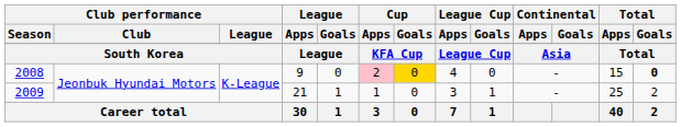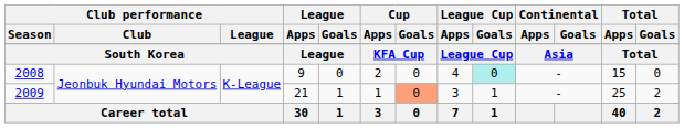 <table class="wikitable" style="text-align:center">
 <tr>
 <th colspan=3>Club performance</th>
 <th colspan=2>League</th>
 <th colspan=2>Cup</th>
 <th colspan=2>League Cup</th>
 <th colspan=2>Continental</th>
 <th colspan=2>Total</th>
 </tr>
 <tr>
 <th>Season</th>
 <th>Club</th>
 <th>League</th>
 <th>Apps</th>
 <th>Goals</th>
 <th>Apps</th>
 <th>Goals</th>
 <th>Apps</th>
 <th>Goals</th>
 <th>Apps</th>
 <th>Goals</th>
 <th>Apps</th>
 <th>Goals</th>
 </tr>
 <tr>
 </tr>
 <tr>
 <th colspan=3>South Korea</th>
 <th colspan=2>League</th>
 <th colspan=2><a href='#'>KFA Cup</a></th>
 <th colspan=2><a href='#'>League Cup</a></th>
 <th colspan=2><a href='#'>Asia</a></th>
 <th colspan=2>Total</th>
 </tr>
 <tr>
 <td><a href='#'>2008</a></td>
 <td rowspan=2><a href='#'>Jeonbuk Hyundai Motors</a></td>
 <td rowspan=2><a href='#'>K-League</a></td>
 <td>9</td>
 <td>0</td>
-<td style="background: pink;">2</td>
-<td style="background: gold;">0</td>
+<td>2</td>
+<td>0</td>
 <td>4</td>
-<td>0</td>
+<td style="background: paleturquoise;">0</td>
 <td colspan="2">-</td>
 <td>15</td>
-<td><strong>0</strong></td>
+<td>0</td>
 </tr>
 <tr>
 <td><a href='#'>2009</a></td>
 <td>21</td>
 <td>1</td>
 <td>1</td>
-<td>0</td>
+<td style="background: lightsalmon;">0</td>
 <td>3</td>
 <td>1</td>
 <td colspan="2">-</td>
 <td>25</td>
 <td>2</td>
 </tr>
 <tr>
 <th colspan=3>Career total</th>
 <th>30</th>
 <th>1</th>
 <th>3</th>
 <th>0</th>
 <th>7</th>
 <th>1</th>
 <th></th>
 <th></th>
 <th>40</th>
 <th>2</th>
 </tr>
 </table>
